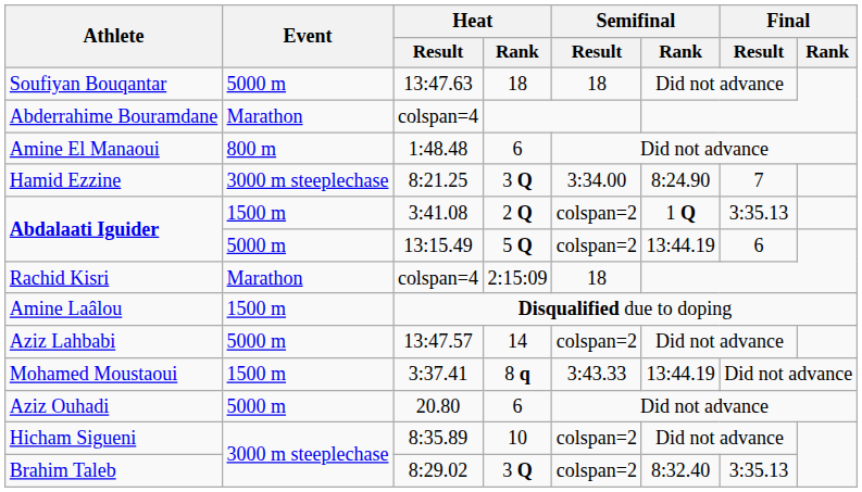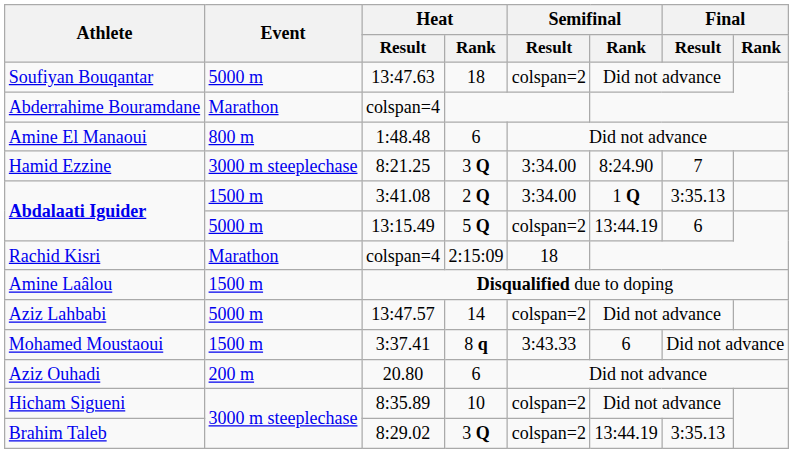 <table class="wikitable" style="font-size:90%">
 <tr>
 <th rowspan="2">Athlete</th>
 <th rowspan="2">Event</th>
 <th colspan="2">Heat</th>
 <th colspan="2">Semifinal</th>
 <th colspan="2">Final</th>
 </tr>
 <tr style="font-size:95%">
 <th>Result</th>
 <th>Rank</th>
 <th>Result</th>
 <th>Rank</th>
 <th>Result</th>
 <th>Rank</th>
 </tr>
 <tr align=center>
 <td align=left><a href='#'>Soufiyan Bouqantar</a></td>
 <td align=left><a href='#'>5000 m</a></td>
 <td>13:47.63</td>
 <td>18</td>
-<td>18</td>
+<td>colspan=2 </td>
 <td colspan=2>Did not advance</td>
 </tr>
 <tr align=center>
 <td align=left><a href='#'>Abderrahime Bouramdane</a></td>
 <td align=left><a href='#'>Marathon</a></td>
 <td>colspan=4 </td>
 <td colspan=2></td>
 </tr>
 <tr align=center>
 <td align=left><a href='#'>Amine El Manaoui</a></td>
 <td align=left><a href='#'>800 m</a></td>
 <td>1:48.48</td>
 <td>6</td>
 <td colspan=4>Did not advance</td>
 </tr>
 <tr align=center>
 <td align=left><a href='#'>Hamid Ezzine</a></td>
 <td align=left><a href='#'>3000 m steeplechase</a></td>
 <td>8:21.25</td>
 <td>3 <strong>Q</strong></td>
 <td>3:34.00</td>
 <td>8:24.90</td>
 <td>7</td>
 </tr>
 <tr align=center>
 <td align=left rowspan=2><strong><a href='#'>Abdalaati Iguider</a></strong></td>
 <td align=left><a href='#'>1500 m</a></td>
 <td>3:41.08</td>
 <td>2 <strong>Q</strong></td>
-<td>colspan=2 </td>
+<td>3:34.00</td>
 <td>1 <strong>Q</strong></td>
 <td>3:35.13</td>
 <td></td>
 </tr>
 <tr align=center>
 <td align=left><a href='#'>5000 m</a></td>
 <td>13:15.49</td>
 <td>5 <strong>Q</strong></td>
 <td>colspan=2 </td>
 <td>13:44.19</td>
 <td>6</td>
 </tr>
 <tr align=center>
 <td align=left><a href='#'>Rachid Kisri</a></td>
 <td align=left><a href='#'>Marathon</a></td>
 <td>colspan=4 </td>
 <td>2:15:09</td>
 <td>18</td>
 </tr>
 <tr align=center>
 <td align=left><a href='#'>Amine Laâlou</a></td>
 <td align=left><a href='#'>1500 m</a></td>
 <td colspan=6><strong>Disqualified</strong> due to doping</td>
 </tr>
 <tr align=center>
 <td align=left><a href='#'>Aziz Lahbabi</a></td>
 <td align=left><a href='#'>5000 m</a></td>
 <td>13:47.57</td>
 <td>14</td>
 <td>colspan=2 </td>
 <td colspan=2>Did not advance</td>
 </tr>
 <tr align=center>
 <td align=left><a href='#'>Mohamed Moustaoui</a></td>
 <td align=left><a href='#'>1500 m</a></td>
 <td>3:37.41</td>
 <td>8 <strong>q</strong></td>
 <td>3:43.33</td>
-<td>13:44.19</td>
+<td>6</td>
 <td colspan=2>Did not advance</td>
 </tr>
 <tr align=center>
 <td align=left><a href='#'>Aziz Ouhadi</a></td>
-<td align=left><a href='#'>5000 m</a></td>
+<td align=left><a href='#'>200 m</a></td>
 <td>20.80</td>
 <td>6</td>
 <td colspan=4>Did not advance</td>
 </tr>
 <tr align=center>
 <td align=left><a href='#'>Hicham Sigueni</a></td>
 <td align=left rowspan=2><a href='#'>3000 m steeplechase</a></td>
 <td>8:35.89</td>
 <td>10</td>
 <td>colspan=2 </td>
 <td colspan=2>Did not advance</td>
 </tr>
 <tr align=center>
 <td align=left><a href='#'>Brahim Taleb</a></td>
 <td>8:29.02</td>
 <td>3 <strong>Q</strong></td>
 <td>colspan=2 </td>
-<td>8:32.40</td>
+<td>13:44.19</td>
 <td>3:35.13</td>
 </tr>
 </table>
